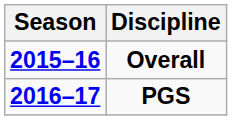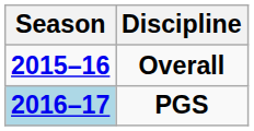 <table class="wikitable" style="text-align:center;">
 <tr>
 <th>Season</th>
 <th>Discipline</th>
 </tr>
 <tr>
 <td><strong><a href='#'>2015–16</a></strong></td>
 <td><strong>Overall</strong></td>
 </tr>
 <tr>
-<td><strong><a href='#'>2016–17</a></strong></td>
+<td style="background: lightblue;"><strong><a href='#'>2016–17</a></strong></td>
 <td><strong>PGS</strong></td>
 </tr>
 </table>
